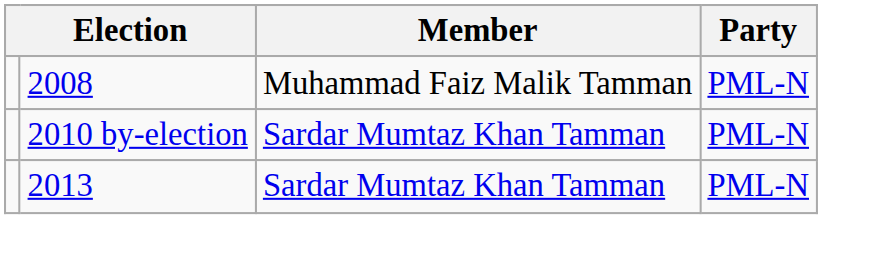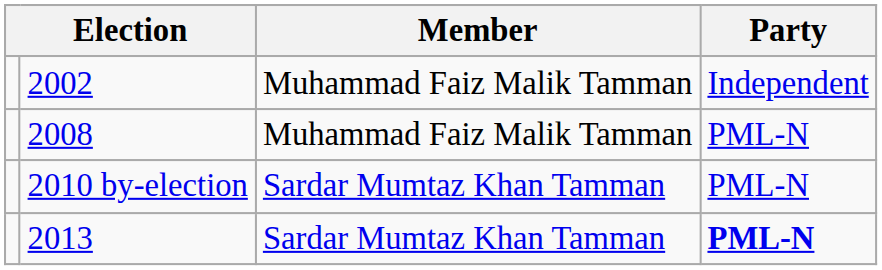 <table class="wikitable">
 <tr>
 <th colspan="2">Election</th>
 <th>Member</th>
 <th>Party</th>
+</tr>
+<tr>
+<td style="background-color: "></td>
+<td><a href='#'>2002</a></td>
+<td>Muhammad Faiz Malik Tamman</td>
+<td><a href='#'>Independent</a></td>
 </tr>
 <tr>
 <td style="background-color: "></td>
 <td><a href='#'>2008</a></td>
 <td>Muhammad Faiz Malik Tamman</td>
 <td><a href='#'>PML-N</a></td>
 </tr>
 <tr>
 <td style="background-color: "></td>
 <td><a href='#'>2010 by-election</a></td>
 <td><a href='#'>Sardar Mumtaz Khan Tamman</a></td>
 <td><a href='#'>PML-N</a></td>
 </tr>
 <tr>
 <td style="background-color: "></td>
 <td><a href='#'>2013</a></td>
 <td><a href='#'>Sardar Mumtaz Khan Tamman</a></td>
-<td><a href='#'>PML-N</a></td>
+<td><strong><a href='#'>PML-N</a></strong></td>
 </tr>
 </table>
